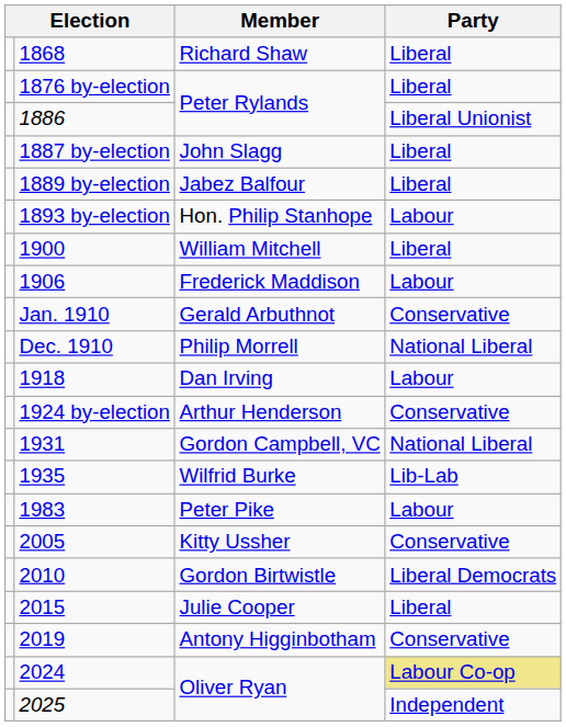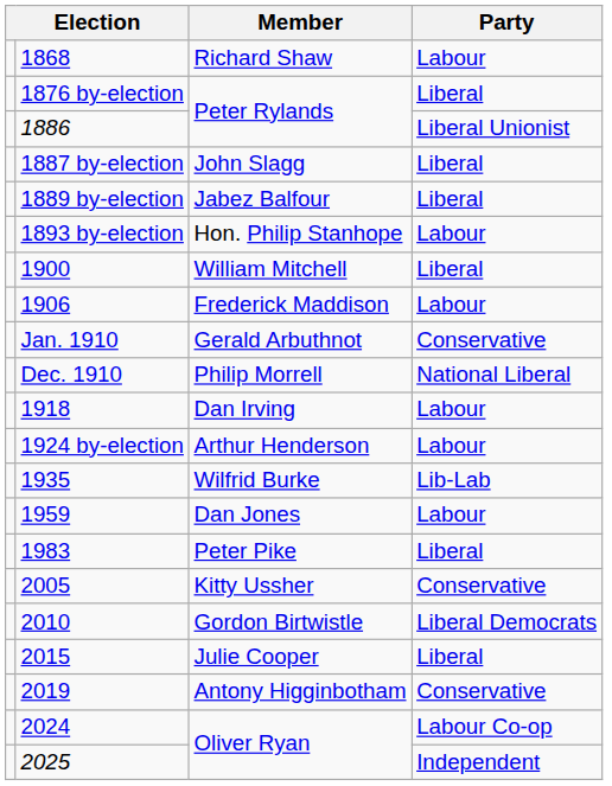 <table class="wikitable">
 <tr>
 <th colspan="2">Election</th>
 <th>Member</th>
 <th>Party</th>
 </tr>
 <tr>
 <td style="color:inherit;background-color: "></td>
 <td><a href='#'>1868</a></td>
 <td><a href='#'>Richard Shaw</a></td>
-<td><a href='#'>Liberal</a></td>
+<td><a href='#'>Labour</a></td>
 </tr>
 <tr>
 <td style="color:inherit;background-color: "></td>
 <td><a href='#'>1876 by-election</a></td>
 <td rowspan="2"><a href='#'>Peter Rylands</a></td>
 <td><a href='#'>Liberal</a></td>
 </tr>
 <tr>
 <td style="color:inherit;background-color: "></td>
 <td><em>1886</em></td>
 <td><a href='#'>Liberal Unionist</a></td>
 </tr>
 <tr>
 <td style="color:inherit;background-color: "></td>
 <td><a href='#'>1887 by-election</a></td>
 <td><a href='#'>John Slagg</a></td>
 <td><a href='#'>Liberal</a></td>
 </tr>
 <tr>
 <td style="color:inherit;background-color: "></td>
 <td><a href='#'>1889 by-election</a></td>
 <td><a href='#'>Jabez Balfour</a></td>
 <td><a href='#'>Liberal</a></td>
 </tr>
 <tr>
 <td style="color:inherit;background-color: "></td>
 <td><a href='#'>1893 by-election</a></td>
 <td>Hon. <a href='#'>Philip Stanhope</a></td>
 <td><a href='#'>Labour</a></td>
 </tr>
 <tr>
 <td style="color:inherit;background-color: "></td>
 <td><a href='#'>1900</a></td>
 <td><a href='#'>William Mitchell</a></td>
 <td><a href='#'>Liberal</a></td>
 </tr>
 <tr>
 <td style="color:inherit;background-color: "></td>
 <td><a href='#'>1906</a></td>
 <td><a href='#'>Frederick Maddison</a></td>
 <td><a href='#'>Labour</a></td>
 </tr>
 <tr>
 <td style="color:inherit;background-color: "></td>
 <td><a href='#'>Jan. 1910</a></td>
 <td><a href='#'>Gerald Arbuthnot</a></td>
 <td><a href='#'>Conservative</a></td>
 </tr>
 <tr>
 <td style="color:inherit;background-color: "></td>
 <td><a href='#'>Dec. 1910</a></td>
 <td><a href='#'>Philip Morrell</a></td>
 <td><a href='#'>National Liberal</a></td>
 </tr>
 <tr>
 <td style="color:inherit;background-color: "></td>
 <td><a href='#'>1918</a></td>
 <td><a href='#'>Dan Irving</a></td>
 <td><a href='#'>Labour</a></td>
 </tr>
 <tr>
 <td style="color:inherit;background-color: "></td>
 <td><a href='#'>1924 by-election</a></td>
 <td><a href='#'>Arthur Henderson</a></td>
-<td><a href='#'>Conservative</a></td>
-</tr>
-<tr>
-<td style="color:inherit;background-color: "></td>
-<td><a href='#'>1931</a></td>
-<td><a href='#'>Gordon Campbell, VC</a></td>
-<td><a href='#'>National Liberal</a></td>
+<td><a href='#'>Labour</a></td>
 </tr>
 <tr>
 <td style="color:inherit;background-color: "></td>
 <td><a href='#'>1935</a></td>
 <td><a href='#'>Wilfrid Burke</a></td>
 <td><a href='#'>Lib-Lab</a></td>
 </tr>
 <tr>
 <td style="color:inherit;background-color: "></td>
+<td><a href='#'>1959</a></td>
+<td><a href='#'>Dan Jones</a></td>
+<td><a href='#'>Labour</a></td>
+</tr>
+<tr>
+<td style="color:inherit;background-color: "></td>
 <td><a href='#'>1983</a></td>
 <td><a href='#'>Peter Pike</a></td>
-<td><a href='#'>Labour</a></td>
+<td><a href='#'>Liberal</a></td>
 </tr>
 <tr>
 <td style="color:inherit;background-color: "></td>
 <td><a href='#'>2005</a></td>
 <td><a href='#'>Kitty Ussher</a></td>
 <td><a href='#'>Conservative</a></td>
 </tr>
 <tr>
 <td style="color:inherit;background-color: "></td>
 <td><a href='#'>2010</a></td>
 <td><a href='#'>Gordon Birtwistle</a></td>
 <td><a href='#'>Liberal Democrats</a></td>
 </tr>
 <tr>
 <td style="color:inherit;background-color: "></td>
 <td><a href='#'>2015</a></td>
 <td><a href='#'>Julie Cooper</a></td>
 <td><a href='#'>Liberal</a></td>
 </tr>
 <tr>
 <td style="color:inherit;background-color: "></td>
 <td><a href='#'>2019</a></td>
 <td><a href='#'>Antony Higginbotham</a></td>
 <td><a href='#'>Conservative</a></td>
 </tr>
 <tr>
 <td style="color:inherit;background-color: "></td>
 <td><a href='#'>2024</a></td>
 <td rowspan=2><a href='#'>Oliver Ryan</a></td>
-<td style="background: khaki;"><a href='#'>Labour Co-op</a></td>
+<td><a href='#'>Labour Co-op</a></td>
 </tr>
 <tr>
 <td style="background-color: "></td>
 <td><em>2025</em></td>
 <td><a href='#'>Independent</a></td>
 </tr>
 </table>
